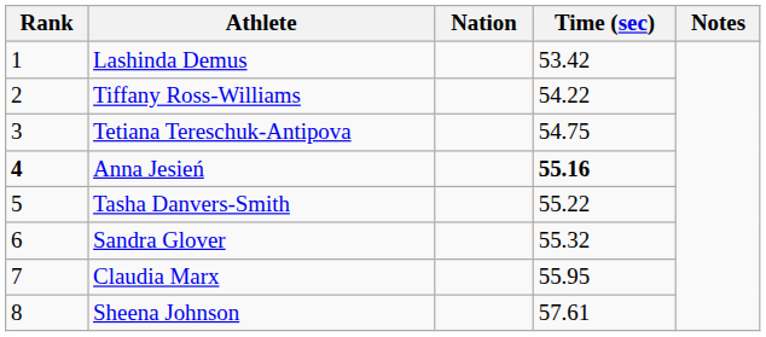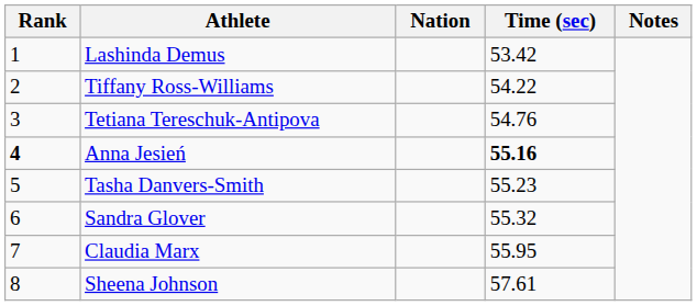 <table class="wikitable" style="text=align:center;" width=85%>
 <tr>
 <th>Rank</th>
 <th>Athlete</th>
 <th>Nation</th>
 <th>Time (<a href='#'>sec</a>)</th>
 <th>Notes</th>
 </tr>
 <tr>
 <td>1</td>
 <td><a href='#'>Lashinda Demus</a></td>
 <td></td>
 <td>53.42</td>
 </tr>
 <tr>
 <td>2</td>
 <td><a href='#'>Tiffany Ross-Williams</a></td>
 <td></td>
 <td>54.22</td>
 </tr>
 <tr>
 <td>3</td>
 <td><a href='#'>Tetiana Tereschuk-Antipova</a></td>
 <td></td>
-<td>54.75</td>
+<td>54.76</td>
 </tr>
 <tr>
 <td><strong>4</strong></td>
 <td><a href='#'>Anna Jesień</a></td>
 <td></td>
 <td><strong>55.16</strong></td>
 </tr>
 <tr>
 <td>5</td>
 <td><a href='#'>Tasha Danvers-Smith</a></td>
 <td></td>
-<td>55.22</td>
+<td>55.23</td>
 </tr>
 <tr>
 <td>6</td>
 <td><a href='#'>Sandra Glover</a></td>
 <td></td>
 <td>55.32</td>
 </tr>
 <tr>
 <td>7</td>
 <td><a href='#'>Claudia Marx</a></td>
 <td></td>
 <td>55.95</td>
 </tr>
 <tr>
 <td>8</td>
 <td><a href='#'>Sheena Johnson</a></td>
 <td></td>
 <td>57.61</td>
 </tr>
 </table>
